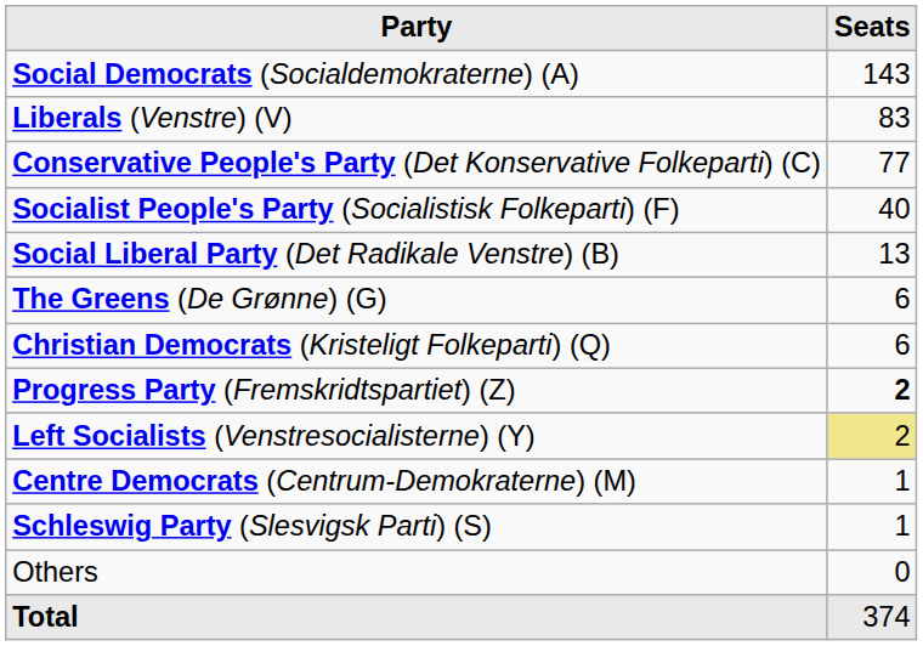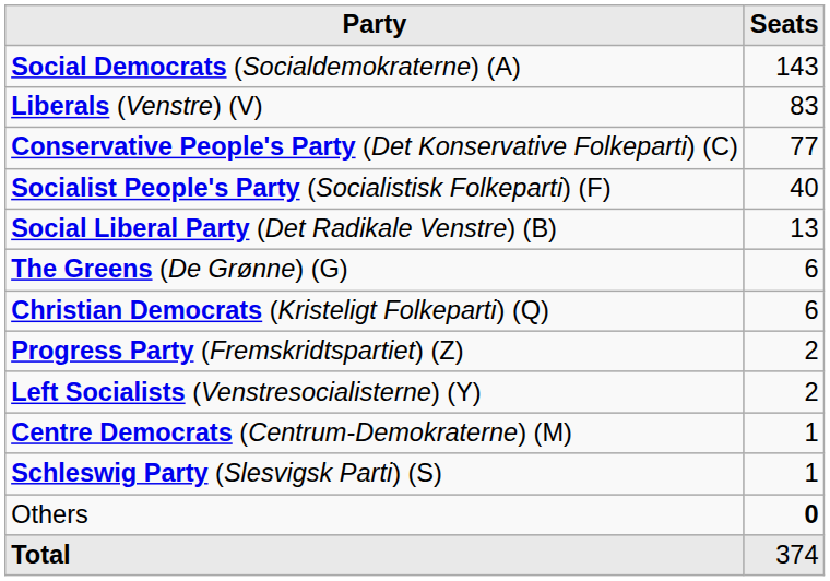 <table class="wikitable">
 <tr>
 <th style="background-color:#E9E9E9">Party</th>
 <th style="background-color:#E9E9E9">Seats</th>
 </tr>
 <tr>
 <td><strong><a href='#'>Social Democrats</a></strong> (<em>Socialdemokraterne</em>) (A)</td>
 <td align="right">143</td>
 </tr>
 <tr>
 <td><strong><a href='#'>Liberals</a></strong> (<em>Venstre</em>) (V)</td>
 <td align="right">83</td>
 </tr>
 <tr>
 <td><strong><a href='#'>Conservative People's Party</a></strong> (<em>Det Konservative Folkeparti</em>) (C)</td>
 <td align="right">77</td>
 </tr>
 <tr>
 <td><strong><a href='#'>Socialist People's Party</a></strong> (<em>Socialistisk Folkeparti</em>) (F)</td>
 <td align="right">40</td>
 </tr>
 <tr>
 <td><strong><a href='#'>Social Liberal Party</a></strong> (<em>Det Radikale Venstre</em>) (B)</td>
 <td align="right">13</td>
 </tr>
 <tr>
 <td><strong><a href='#'>The Greens</a></strong> (<em>De Grønne</em>) (G)</td>
 <td align="right">6</td>
 </tr>
 <tr>
 <td><strong><a href='#'>Christian Democrats</a></strong> (<em>Kristeligt Folkeparti</em>) (Q)</td>
 <td align="right">6</td>
 </tr>
 <tr>
 <td><strong><a href='#'>Progress Party</a></strong> (<em>Fremskridtspartiet</em>) (Z)</td>
-<td align="right"><strong>2</strong></td>
+<td align="right">2</td>
 </tr>
 <tr>
 <td><strong><a href='#'>Left Socialists</a></strong> (<em>Venstresocialisterne</em>) (Y)</td>
-<td align="right" style="background: khaki;">2</td>
+<td align="right">2</td>
 </tr>
 <tr>
 <td><strong><a href='#'>Centre Democrats</a></strong> (<em>Centrum-Demokraterne</em>) (M)</td>
 <td align="right">1</td>
 </tr>
 <tr>
 <td><strong><a href='#'>Schleswig Party</a></strong> (<em>Slesvigsk Parti</em>) (S)</td>
 <td align="right">1</td>
 </tr>
 <tr>
 <td>Others</td>
-<td align="right">0</td>
+<td align="right"><strong>0</strong></td>
 </tr>
 <tr>
 <td style="background-color:#E9E9E9"><strong>Total</strong></td>
 <td align="right" style="background-color:#E9E9E9">374</td>
 </tr>
 </table>
